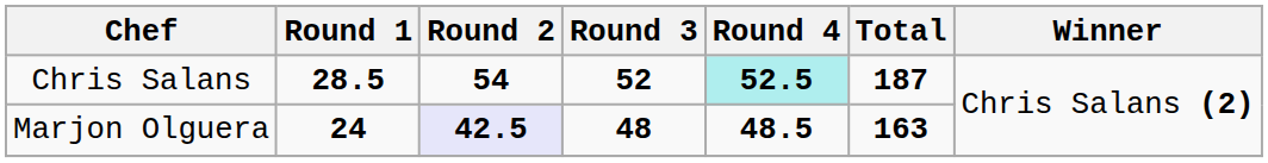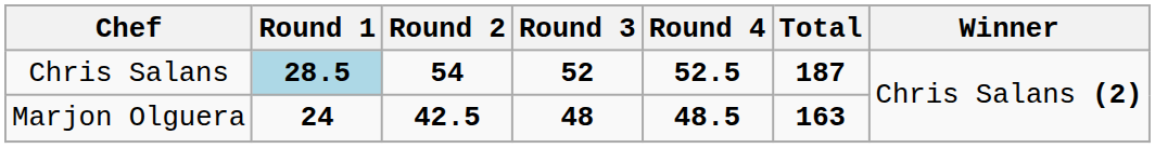 <table class="wikitable"  style="float:left; margin:auto; text-align:center;">
 <tr>
 <th>Chef</th>
 <th>Round 1</th>
 <th>Round 2</th>
 <th>Round 3</th>
 <th>Round 4</th>
 <th>Total</th>
 <th>Winner</th>
 </tr>
 <tr>
 <td>Chris Salans</td>
-<td><strong>28.5</strong></td>
+<td style="background: lightblue;"><strong>28.5</strong></td>
 <td><strong>54</strong></td>
 <td><strong>52</strong></td>
-<td style="background: paleturquoise;"><strong>52.5</strong></td>
+<td><strong>52.5</strong></td>
 <td><strong>187</strong></td>
 <td rowspan=2>Chris Salans <strong>(2)</strong></td>
 </tr>
 <tr>
 <td>Marjon Olguera</td>
 <td><strong>24</strong></td>
-<td style="background: lavender;"><strong>42.5</strong></td>
+<td><strong>42.5</strong></td>
 <td><strong>48</strong></td>
 <td><strong>48.5</strong></td>
 <td><strong>163</strong></td>
 </tr>
 <tr>
 </tr>
 </table>
